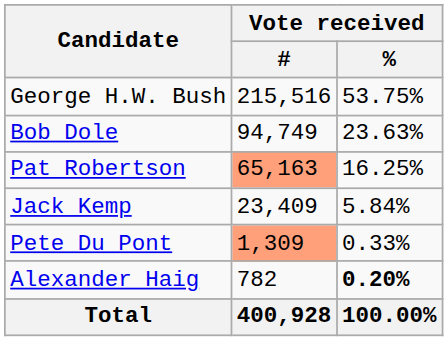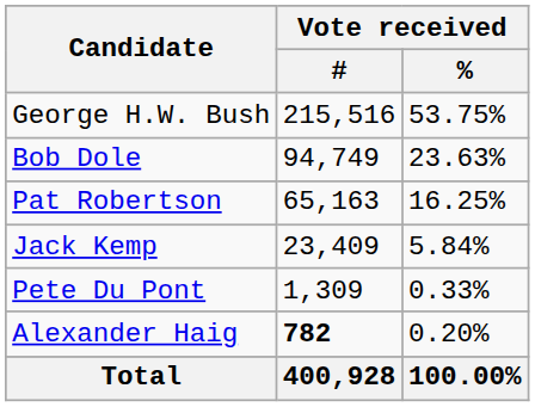 <table class="wikitable sortable">
 <tr>
 <th rowspan="2">Candidate</th>
 <th colspan="2">Vote received</th>
 </tr>
 <tr>
 <th>#</th>
 <th>%</th>
 </tr>
 <tr>
 <td>George H.W. Bush</td>
 <td>215,516</td>
 <td>53.75%</td>
 </tr>
 <tr>
 <td><a href='#'>Bob Dole</a></td>
 <td>94,749</td>
 <td>23.63%</td>
 </tr>
 <tr>
 <td><a href='#'>Pat Robertson</a></td>
-<td style="background: lightsalmon;">65,163</td>
+<td>65,163</td>
 <td>16.25%</td>
 </tr>
 <tr>
 <td><a href='#'>Jack Kemp</a></td>
 <td>23,409</td>
 <td>5.84%</td>
 </tr>
 <tr>
 <td><a href='#'>Pete Du Pont</a></td>
-<td style="background: lightsalmon;">1,309</td>
+<td>1,309</td>
 <td>0.33%</td>
 </tr>
 <tr>
 <td><a href='#'>Alexander Haig</a></td>
-<td>782</td>
-<td><strong>0.20%</strong></td>
+<td><strong>782</strong></td>
+<td>0.20%</td>
 </tr>
 <tr>
 <th>Total</th>
 <th>400,928</th>
 <th>100.00%</th>
 </tr>
 </table>
